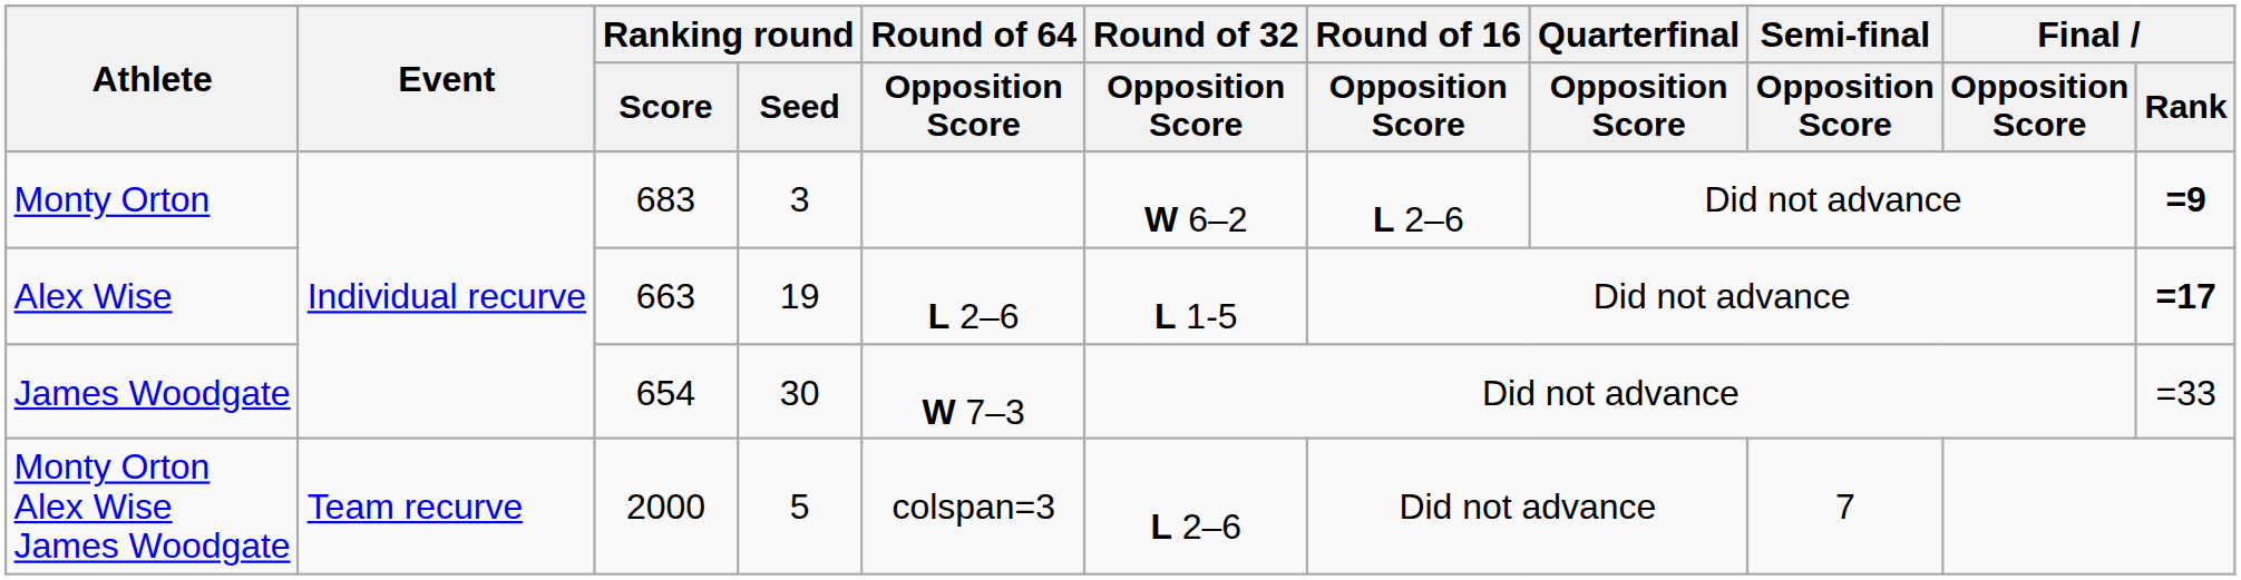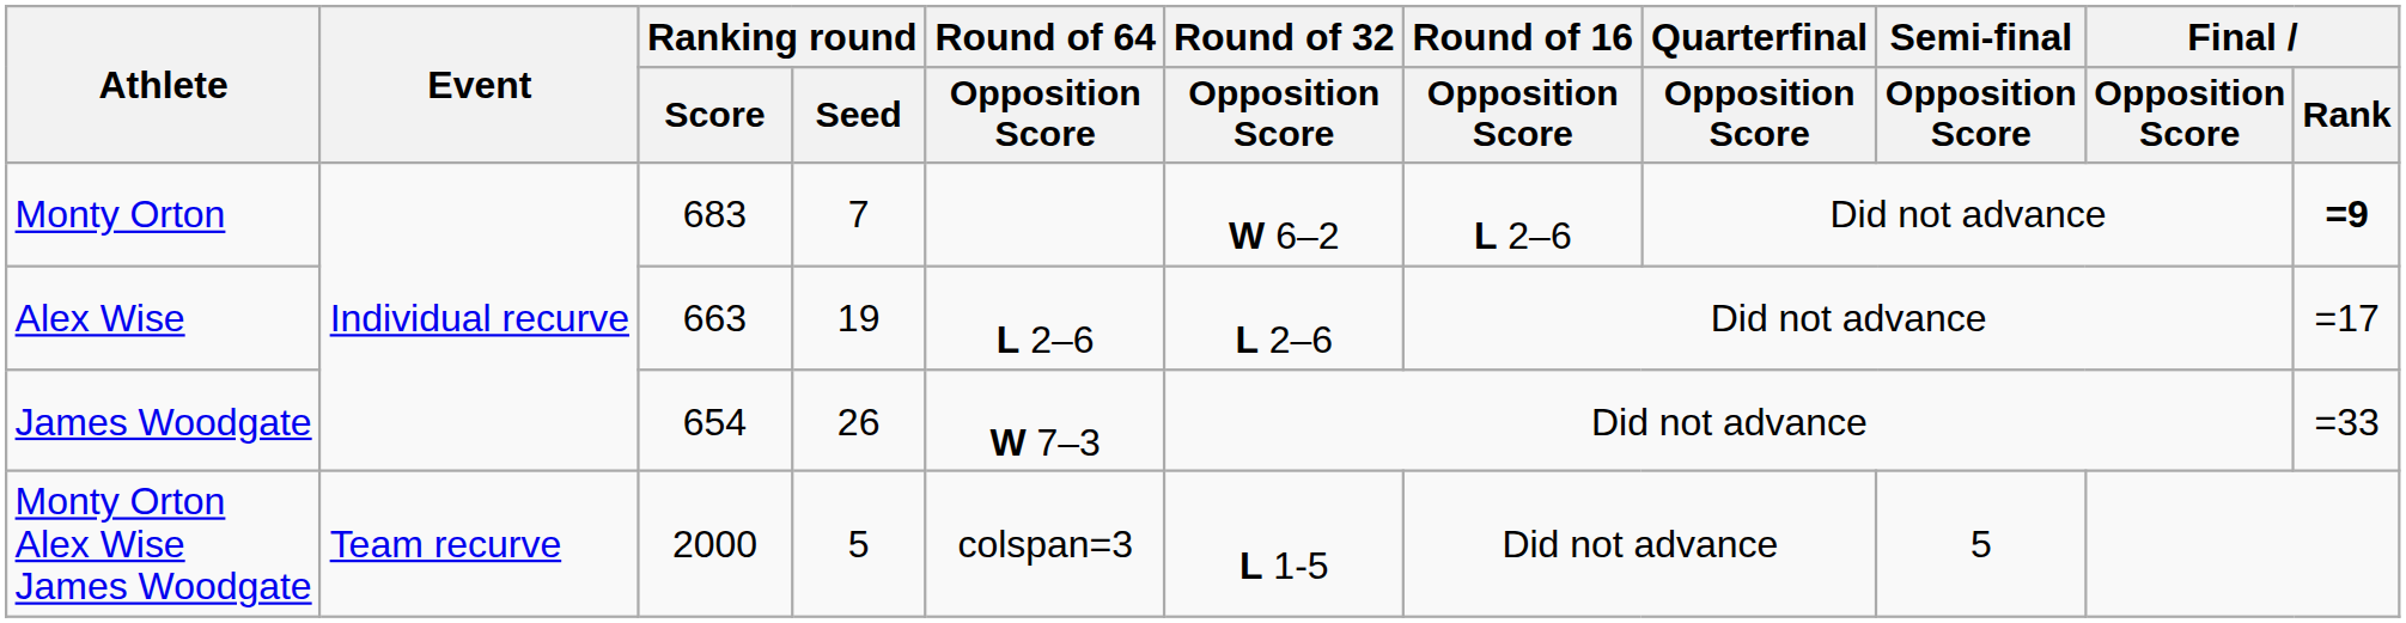 <table class=wikitable style=font-size:90%;text-align:center>
 <tr>
 <th rowspan=2>Athlete</th>
 <th rowspan=2>Event</th>
 <th colspan=2>Ranking round</th>
 <th>Round of 64</th>
 <th>Round of 32</th>
 <th>Round of 16</th>
 <th>Quarterfinal</th>
 <th>Semi-final</th>
 <th colspan=2>Final / </th>
 </tr>
 <tr style=font-size:95%>
 <th>Score</th>
 <th>Seed</th>
 <th>Opposition<br>Score</th>
 <th>Opposition<br>Score</th>
 <th>Opposition<br>Score</th>
 <th>Opposition<br>Score</th>
 <th>Opposition<br>Score</th>
 <th>Opposition<br>Score</th>
 <th>Rank</th>
 </tr>
 <tr>
 <td align=left><a href='#'>Monty Orton</a></td>
 <td align=left rowspan=3><a href='#'>Individual recurve</a></td>
 <td>683</td>
-<td>3</td>
+<td>7</td>
 <td></td>
 <td><br><strong>W</strong> 6–2</td>
 <td><br><strong>L</strong> 2–6</td>
 <td colspan=3>Did not advance</td>
 <td><strong>=9</strong></td>
 </tr>
 <tr>
 <td align=left><a href='#'>Alex Wise</a></td>
 <td>663</td>
 <td>19</td>
 <td><br><strong>L</strong> 2–6</td>
-<td><br> <strong>L</strong> 1-5</td>
+<td><br><strong>L</strong> 2–6</td>
 <td colspan=4>Did not advance</td>
-<td><strong>=17</strong></td>
+<td>=17</td>
 </tr>
 <tr>
 <td align=left><a href='#'>James Woodgate</a></td>
 <td>654</td>
-<td>30</td>
+<td>26</td>
 <td><br><strong>W</strong> 7–3</td>
 <td colspan=5>Did not advance</td>
 <td>=33</td>
 </tr>
 <tr>
 <td align=left><a href='#'>Monty Orton</a><br><a href='#'>Alex Wise</a><br><a href='#'>James Woodgate</a></td>
 <td align=left><a href='#'>Team recurve</a></td>
 <td>2000</td>
 <td>5</td>
 <td>colspan=3 </td>
-<td><br><strong>L</strong> 2–6</td>
+<td><br> <strong>L</strong> 1-5</td>
 <td colspan=2>Did not advance</td>
-<td>7</td>
+<td>5</td>
 </tr>
 </table>
